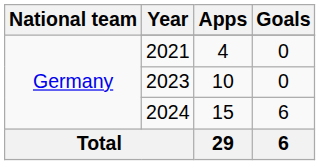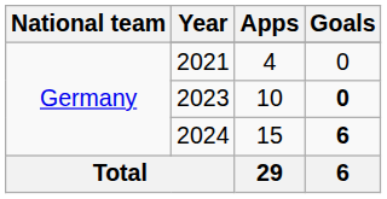 <table class=wikitable style=text-align:center>
 <tr>
 <th>National team</th>
 <th>Year</th>
 <th>Apps</th>
 <th>Goals</th>
 </tr>
 <tr>
 <td rowspan=4><a href='#'>Germany</a></td>
 </tr>
 <tr>
 <td>2021</td>
 <td>4</td>
 <td>0</td>
 </tr>
 <tr>
 <td>2023</td>
 <td>10</td>
-<td>0</td>
+<td><strong>0</strong></td>
 </tr>
 <tr>
 <td>2024</td>
 <td>15</td>
-<td>6</td>
+<td><strong>6</strong></td>
 </tr>
 <tr>
 <th colspan=2>Total</th>
 <th>29</th>
 <th>6</th>
 </tr>
 </table>
